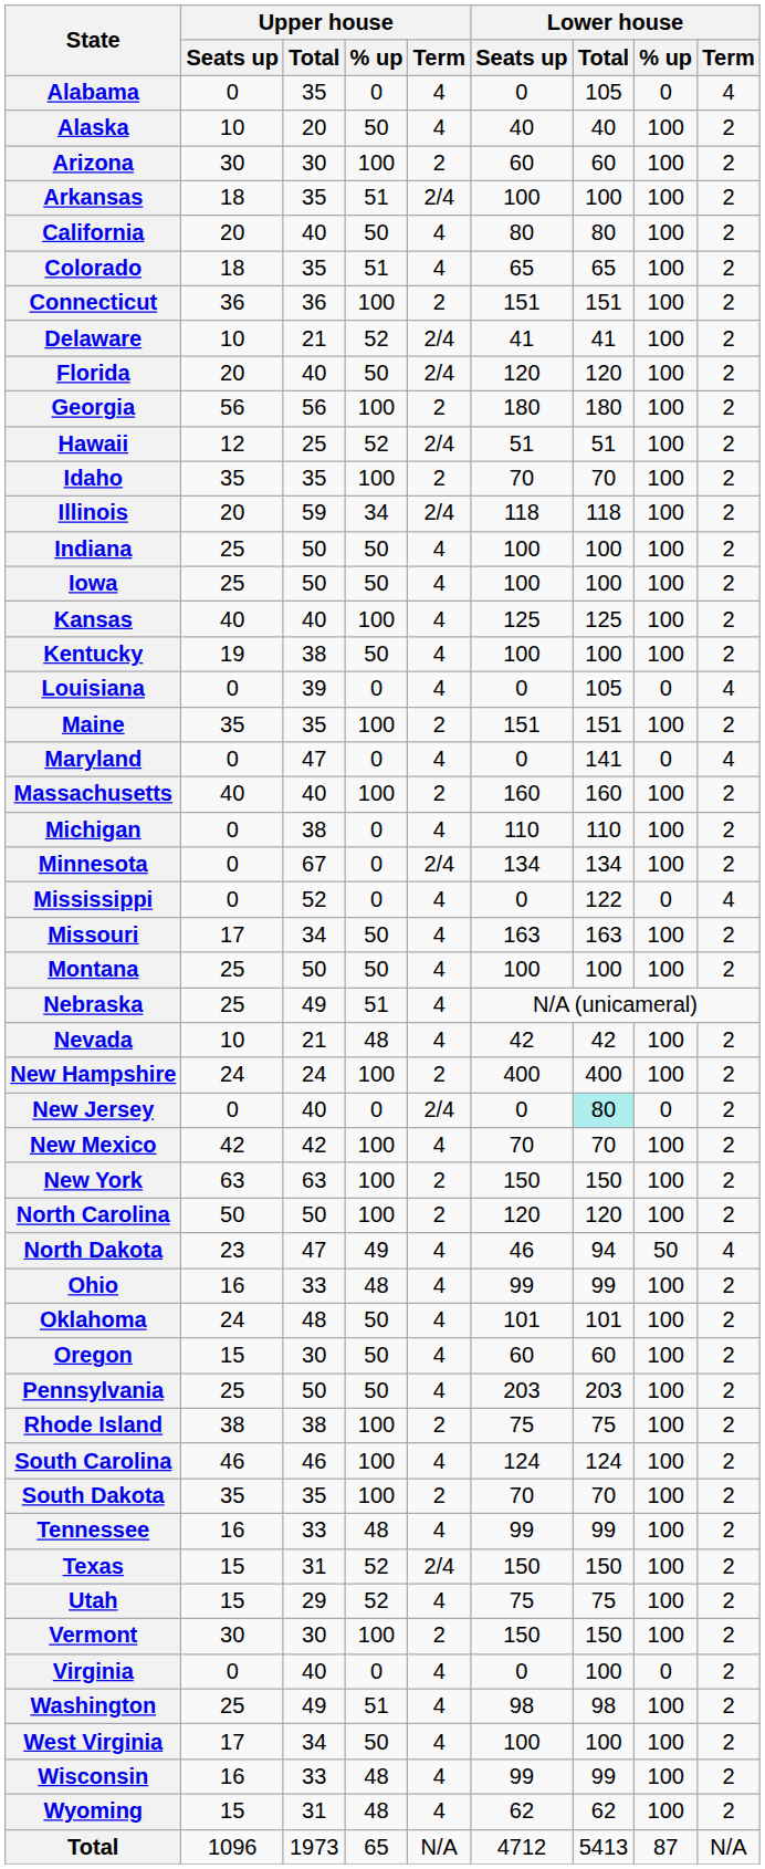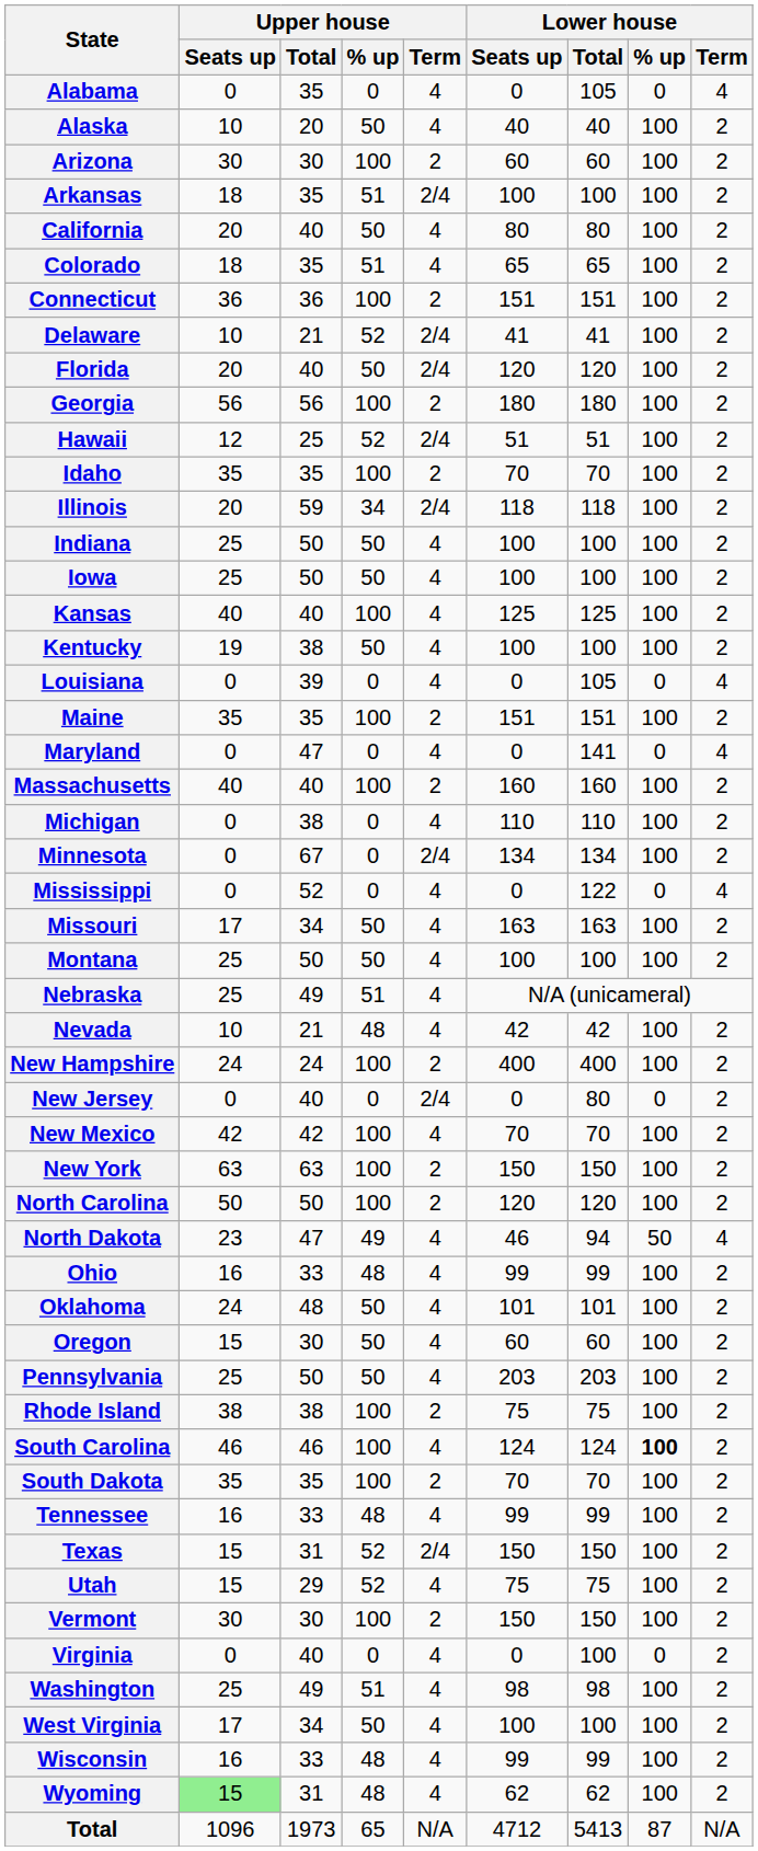 <table class="wikitable sortable plainrowheaders" style="text-align: center;">
 <tr>
 <th rowspan=2>State</th>
 <th colspan=4>Upper house</th>
 <th colspan=4>Lower house</th>
 </tr>
 <tr>
 <th>Seats up</th>
 <th>Total</th>
 <th>% up</th>
 <th>Term</th>
 <th>Seats up</th>
 <th>Total</th>
 <th>% up</th>
 <th>Term</th>
 </tr>
 <tr>
 <th scope="row"><a href='#'>Alabama</a></th>
 <td>0</td>
 <td>35</td>
 <td>0</td>
 <td>4</td>
 <td>0</td>
 <td>105</td>
 <td>0</td>
 <td>4</td>
 </tr>
 <tr>
 <th scope="row"><a href='#'>Alaska</a></th>
 <td>10</td>
 <td>20</td>
 <td>50</td>
 <td>4</td>
 <td>40</td>
 <td>40</td>
 <td>100</td>
 <td>2</td>
 </tr>
 <tr>
 <th scope="row"><a href='#'>Arizona</a></th>
 <td>30</td>
 <td>30</td>
 <td>100</td>
 <td>2</td>
 <td>60</td>
 <td>60</td>
 <td>100</td>
 <td>2</td>
 </tr>
 <tr>
 <th scope="row"><a href='#'>Arkansas</a></th>
 <td>18</td>
 <td>35</td>
 <td>51</td>
 <td>2/4</td>
 <td>100</td>
 <td>100</td>
 <td>100</td>
 <td>2</td>
 </tr>
 <tr>
 <th scope="row"><a href='#'>California</a></th>
 <td>20</td>
 <td>40</td>
 <td>50</td>
 <td>4</td>
 <td>80</td>
 <td>80</td>
 <td>100</td>
 <td>2</td>
 </tr>
 <tr>
 <th scope="row"><a href='#'>Colorado</a></th>
 <td>18</td>
 <td>35</td>
 <td>51</td>
 <td>4</td>
 <td>65</td>
 <td>65</td>
 <td>100</td>
 <td>2</td>
 </tr>
 <tr>
 <th scope="row"><a href='#'>Connecticut</a></th>
 <td>36</td>
 <td>36</td>
 <td>100</td>
 <td>2</td>
 <td>151</td>
 <td>151</td>
 <td>100</td>
 <td>2</td>
 </tr>
 <tr>
 <th scope="row"><a href='#'>Delaware</a></th>
 <td>10</td>
 <td>21</td>
 <td>52</td>
 <td>2/4</td>
 <td>41</td>
 <td>41</td>
 <td>100</td>
 <td>2</td>
 </tr>
 <tr>
 <th scope="row"><a href='#'>Florida</a></th>
 <td>20</td>
 <td>40</td>
 <td>50</td>
 <td>2/4</td>
 <td>120</td>
 <td>120</td>
 <td>100</td>
 <td>2</td>
 </tr>
 <tr>
 <th scope="row"><a href='#'>Georgia</a></th>
 <td>56</td>
 <td>56</td>
 <td>100</td>
 <td>2</td>
 <td>180</td>
 <td>180</td>
 <td>100</td>
 <td>2</td>
 </tr>
 <tr>
 <th scope="row"><a href='#'>Hawaii</a></th>
 <td>12</td>
 <td>25</td>
 <td>52</td>
 <td>2/4</td>
 <td>51</td>
 <td>51</td>
 <td>100</td>
 <td>2</td>
 </tr>
 <tr>
 <th scope="row"><a href='#'>Idaho</a></th>
 <td>35</td>
 <td>35</td>
 <td>100</td>
 <td>2</td>
 <td>70</td>
 <td>70</td>
 <td>100</td>
 <td>2</td>
 </tr>
 <tr>
 <th scope="row"><a href='#'>Illinois</a></th>
 <td>20</td>
 <td>59</td>
 <td>34</td>
 <td>2/4</td>
 <td>118</td>
 <td>118</td>
 <td>100</td>
 <td>2</td>
 </tr>
 <tr>
 <th scope="row"><a href='#'>Indiana</a></th>
 <td>25</td>
 <td>50</td>
 <td>50</td>
 <td>4</td>
 <td>100</td>
 <td>100</td>
 <td>100</td>
 <td>2</td>
 </tr>
 <tr>
 <th scope="row"><a href='#'>Iowa</a></th>
 <td>25</td>
 <td>50</td>
 <td>50</td>
 <td>4</td>
 <td>100</td>
 <td>100</td>
 <td>100</td>
 <td>2</td>
 </tr>
 <tr>
 <th scope="row"><a href='#'>Kansas</a></th>
 <td>40</td>
 <td>40</td>
 <td>100</td>
 <td>4</td>
 <td>125</td>
 <td>125</td>
 <td>100</td>
 <td>2</td>
 </tr>
 <tr>
 <th scope="row"><a href='#'>Kentucky</a></th>
 <td>19</td>
 <td>38</td>
 <td>50</td>
 <td>4</td>
 <td>100</td>
 <td>100</td>
 <td>100</td>
 <td>2</td>
 </tr>
 <tr>
 <th scope="row"><a href='#'>Louisiana</a></th>
 <td>0</td>
 <td>39</td>
 <td>0</td>
 <td>4</td>
 <td>0</td>
 <td>105</td>
 <td>0</td>
 <td>4</td>
 </tr>
 <tr>
 <th scope="row"><a href='#'>Maine</a></th>
 <td>35</td>
 <td>35</td>
 <td>100</td>
 <td>2</td>
 <td>151</td>
 <td>151</td>
 <td>100</td>
 <td>2</td>
 </tr>
 <tr>
 <th scope="row"><a href='#'>Maryland</a></th>
 <td>0</td>
 <td>47</td>
 <td>0</td>
 <td>4</td>
 <td>0</td>
 <td>141</td>
 <td>0</td>
 <td>4</td>
 </tr>
 <tr>
 <th scope="row"><a href='#'>Massachusetts</a></th>
 <td>40</td>
 <td>40</td>
 <td>100</td>
 <td>2</td>
 <td>160</td>
 <td>160</td>
 <td>100</td>
 <td>2</td>
 </tr>
 <tr>
 <th scope="row"><a href='#'>Michigan</a></th>
 <td>0</td>
 <td>38</td>
 <td>0</td>
 <td>4</td>
 <td>110</td>
 <td>110</td>
 <td>100</td>
 <td>2</td>
 </tr>
 <tr>
 <th scope="row"><a href='#'>Minnesota</a></th>
 <td>0</td>
 <td>67</td>
 <td>0</td>
 <td>2/4</td>
 <td>134</td>
 <td>134</td>
 <td>100</td>
 <td>2</td>
 </tr>
 <tr>
 <th scope="row"><a href='#'>Mississippi</a></th>
 <td>0</td>
 <td>52</td>
 <td>0</td>
 <td>4</td>
 <td>0</td>
 <td>122</td>
 <td>0</td>
 <td>4</td>
 </tr>
 <tr>
 <th scope="row"><a href='#'>Missouri</a></th>
 <td>17</td>
 <td>34</td>
 <td>50</td>
 <td>4</td>
 <td>163</td>
 <td>163</td>
 <td>100</td>
 <td>2</td>
 </tr>
 <tr>
 <th scope="row"><a href='#'>Montana</a></th>
 <td>25</td>
 <td>50</td>
 <td>50</td>
 <td>4</td>
 <td>100</td>
 <td>100</td>
 <td>100</td>
 <td>2</td>
 </tr>
 <tr>
 <th scope="row"><a href='#'>Nebraska</a></th>
 <td>25</td>
 <td>49</td>
 <td>51</td>
 <td>4</td>
 <td colspan=4>N/A (unicameral)</td>
 </tr>
 <tr>
 <th scope="row"><a href='#'>Nevada</a></th>
 <td>10</td>
 <td>21</td>
 <td>48</td>
 <td>4</td>
 <td>42</td>
 <td>42</td>
 <td>100</td>
 <td>2</td>
 </tr>
 <tr>
 <th scope="row"><a href='#'>New Hampshire</a></th>
 <td>24</td>
 <td>24</td>
 <td>100</td>
 <td>2</td>
 <td>400</td>
 <td>400</td>
 <td>100</td>
 <td>2</td>
 </tr>
 <tr>
 <th scope="row"><a href='#'>New Jersey</a></th>
 <td>0</td>
 <td>40</td>
 <td>0</td>
 <td>2/4</td>
 <td>0</td>
-<td style="background: paleturquoise;">80</td>
+<td>80</td>
 <td>0</td>
 <td>2</td>
 </tr>
 <tr>
 <th scope="row"><a href='#'>New Mexico</a></th>
 <td>42</td>
 <td>42</td>
 <td>100</td>
 <td>4</td>
 <td>70</td>
 <td>70</td>
 <td>100</td>
 <td>2</td>
 </tr>
 <tr>
 <th scope="row"><a href='#'>New York</a></th>
 <td>63</td>
 <td>63</td>
 <td>100</td>
 <td>2</td>
 <td>150</td>
 <td>150</td>
 <td>100</td>
 <td>2</td>
 </tr>
 <tr>
 <th scope="row"><a href='#'>North Carolina</a></th>
 <td>50</td>
 <td>50</td>
 <td>100</td>
 <td>2</td>
 <td>120</td>
 <td>120</td>
 <td>100</td>
 <td>2</td>
 </tr>
 <tr>
 <th scope="row"><a href='#'>North Dakota</a></th>
 <td>23</td>
 <td>47</td>
 <td>49</td>
 <td>4</td>
 <td>46</td>
 <td>94</td>
 <td>50</td>
 <td>4</td>
 </tr>
 <tr>
 <th scope="row"><a href='#'>Ohio</a></th>
 <td>16</td>
 <td>33</td>
 <td>48</td>
 <td>4</td>
 <td>99</td>
 <td>99</td>
 <td>100</td>
 <td>2</td>
 </tr>
 <tr>
 <th scope="row"><a href='#'>Oklahoma</a></th>
 <td>24</td>
 <td>48</td>
 <td>50</td>
 <td>4</td>
 <td>101</td>
 <td>101</td>
 <td>100</td>
 <td>2</td>
 </tr>
 <tr>
 <th scope="row"><a href='#'>Oregon</a></th>
 <td>15</td>
 <td>30</td>
 <td>50</td>
 <td>4</td>
 <td>60</td>
 <td>60</td>
 <td>100</td>
 <td>2</td>
 </tr>
 <tr>
 <th scope="row"><a href='#'>Pennsylvania</a></th>
 <td>25</td>
 <td>50</td>
 <td>50</td>
 <td>4</td>
 <td>203</td>
 <td>203</td>
 <td>100</td>
 <td>2</td>
 </tr>
 <tr>
 <th scope="row"><a href='#'>Rhode Island</a></th>
 <td>38</td>
 <td>38</td>
 <td>100</td>
 <td>2</td>
 <td>75</td>
 <td>75</td>
 <td>100</td>
 <td>2</td>
 </tr>
 <tr>
 <th scope="row"><a href='#'>South Carolina</a></th>
 <td>46</td>
 <td>46</td>
 <td>100</td>
 <td>4</td>
 <td>124</td>
 <td>124</td>
-<td>100</td>
+<td><strong>100</strong></td>
 <td>2</td>
 </tr>
 <tr>
 <th scope="row"><a href='#'>South Dakota</a></th>
 <td>35</td>
 <td>35</td>
 <td>100</td>
 <td>2</td>
 <td>70</td>
 <td>70</td>
 <td>100</td>
 <td>2</td>
 </tr>
 <tr>
 <th scope="row"><a href='#'>Tennessee</a></th>
 <td>16</td>
 <td>33</td>
 <td>48</td>
 <td>4</td>
 <td>99</td>
 <td>99</td>
 <td>100</td>
 <td>2</td>
 </tr>
 <tr>
 <th scope="row"><a href='#'>Texas</a></th>
 <td>15</td>
 <td>31</td>
 <td>52</td>
 <td>2/4</td>
 <td>150</td>
 <td>150</td>
 <td>100</td>
 <td>2</td>
 </tr>
 <tr>
 <th scope="row"><a href='#'>Utah</a></th>
 <td>15</td>
 <td>29</td>
 <td>52</td>
 <td>4</td>
 <td>75</td>
 <td>75</td>
 <td>100</td>
 <td>2</td>
 </tr>
 <tr>
 <th scope="row"><a href='#'>Vermont</a></th>
 <td>30</td>
 <td>30</td>
 <td>100</td>
 <td>2</td>
 <td>150</td>
 <td>150</td>
 <td>100</td>
 <td>2</td>
 </tr>
 <tr>
 <th scope="row"><a href='#'>Virginia</a></th>
 <td>0</td>
 <td>40</td>
 <td>0</td>
 <td>4</td>
 <td>0</td>
 <td>100</td>
 <td>0</td>
 <td>2</td>
 </tr>
 <tr>
 <th scope="row"><a href='#'>Washington</a></th>
 <td>25</td>
 <td>49</td>
 <td>51</td>
 <td>4</td>
 <td>98</td>
 <td>98</td>
 <td>100</td>
 <td>2</td>
 </tr>
 <tr>
 <th scope="row"><a href='#'>West Virginia</a></th>
 <td>17</td>
 <td>34</td>
 <td>50</td>
 <td>4</td>
 <td>100</td>
 <td>100</td>
 <td>100</td>
 <td>2</td>
 </tr>
 <tr>
 <th scope="row"><a href='#'>Wisconsin</a></th>
 <td>16</td>
 <td>33</td>
 <td>48</td>
 <td>4</td>
 <td>99</td>
 <td>99</td>
 <td>100</td>
 <td>2</td>
 </tr>
 <tr>
 <th scope="row"><a href='#'>Wyoming</a></th>
-<td>15</td>
+<td style="background: lightgreen;">15</td>
 <td>31</td>
 <td>48</td>
 <td>4</td>
 <td>62</td>
 <td>62</td>
 <td>100</td>
 <td>2</td>
 </tr>
 <tr class="sortbottom" |>
 <th scope="row">Total</th>
 <td>1096</td>
 <td>1973</td>
 <td>65</td>
 <td>N/A</td>
 <td>4712</td>
 <td>5413</td>
 <td>87</td>
 <td>N/A</td>
 </tr>
 </table>
